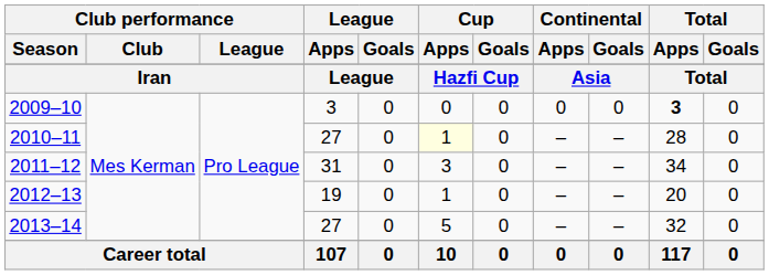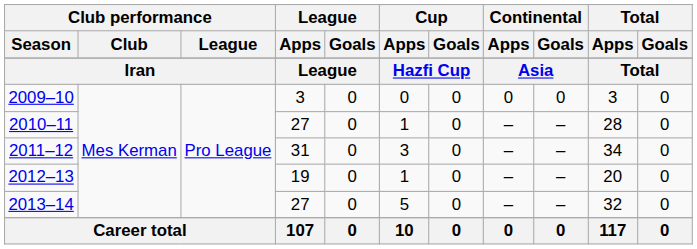 <table class="wikitable" style="text-align:center">
 <tr>
 <th colspan=3>Club performance</th>
 <th colspan=2>League</th>
 <th colspan=2>Cup</th>
 <th colspan=2>Continental</th>
 <th colspan=2>Total</th>
 </tr>
 <tr>
 <th>Season</th>
 <th>Club</th>
 <th>League</th>
 <th>Apps</th>
 <th>Goals</th>
 <th>Apps</th>
 <th>Goals</th>
 <th>Apps</th>
 <th>Goals</th>
 <th>Apps</th>
 <th>Goals</th>
 </tr>
 <tr>
 </tr>
 <tr>
 <th colspan=3>Iran</th>
 <th colspan=2>League</th>
 <th colspan=2><a href='#'>Hazfi Cup</a></th>
 <th colspan=2><a href='#'>Asia</a></th>
 <th colspan=2>Total</th>
 </tr>
 <tr>
 <td><a href='#'>2009–10</a></td>
 <td rowspan="5"><a href='#'>Mes Kerman</a></td>
 <td rowspan="5"><a href='#'>Pro League</a></td>
 <td>3</td>
 <td>0</td>
 <td>0</td>
 <td>0</td>
 <td>0</td>
 <td>0</td>
-<td><strong>3</strong></td>
+<td>3</td>
 <td>0</td>
 </tr>
 <tr>
 <td><a href='#'>2010–11</a></td>
 <td>27</td>
 <td>0</td>
-<td style="background: lightyellow;">1</td>
+<td>1</td>
 <td>0</td>
 <td>–</td>
 <td>–</td>
 <td>28</td>
 <td>0</td>
 </tr>
 <tr>
 <td><a href='#'>2011–12</a></td>
 <td>31</td>
 <td>0</td>
 <td>3</td>
 <td>0</td>
 <td>–</td>
 <td>–</td>
 <td>34</td>
 <td>0</td>
 </tr>
 <tr>
 <td><a href='#'>2012–13</a></td>
 <td>19</td>
 <td>0</td>
 <td>1</td>
 <td>0</td>
 <td>–</td>
 <td>–</td>
 <td>20</td>
 <td>0</td>
 </tr>
 <tr>
 <td><a href='#'>2013–14</a></td>
 <td>27</td>
 <td>0</td>
 <td>5</td>
 <td>0</td>
 <td>–</td>
 <td>–</td>
 <td>32</td>
 <td>0</td>
 </tr>
 <tr>
 </tr>
 <tr>
 <th colspan=3>Career total</th>
 <th>107</th>
 <th>0</th>
 <th>10</th>
 <th>0</th>
 <th>0</th>
 <th>0</th>
 <th>117</th>
 <th>0</th>
 </tr>
 </table>
